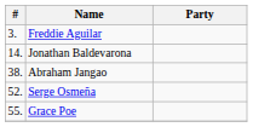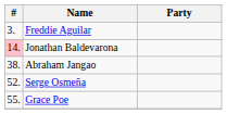 <table class=wikitable style="font-size:90%">
 <tr>
 <th>#</th>
 <th width=150px>Name</th>
 <th colspan=2 width=110px>Party</th>
 </tr>
 <tr>
 <td>3.</td>
 <td><a href='#'>Freddie Aguilar</a></td>
 <td></td>
 </tr>
 <tr>
-<td>14.</td>
+<td style="background: pink;">14.</td>
 <td>Jonathan Baldevarona</td>
 <td></td>
 </tr>
 <tr>
 <td>38.</td>
 <td>Abraham Jangao</td>
 <td></td>
 </tr>
 <tr>
 <td>52.</td>
 <td><a href='#'>Serge Osmeña</a></td>
 <td></td>
 </tr>
 <tr>
 <td>55.</td>
 <td><a href='#'>Grace Poe</a></td>
 <td></td>
 </tr>
 <tr>
 </tr>
 </table>
